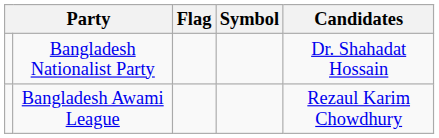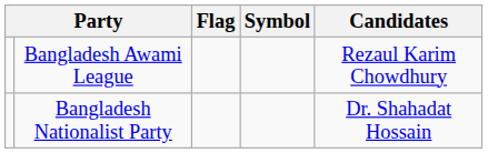 <table class="wikitable" width="60%" style="text-align:center;">
 <tr>
 <th colspan="2">Party</th>
 <th>Flag</th>
 <th>Symbol</th>
 <th>Candidates</th>
 </tr>
 <tr>
 <td></td>
+<td><a href='#'>Bangladesh Awami League</a></td>
+<td></td>
+<td></td>
+<td><a href='#'>Rezaul Karim Chowdhury</a></td>
+</tr>
+<tr>
+<td></td>
 <td><a href='#'>Bangladesh Nationalist Party</a></td>
 <td></td>
 <td></td>
 <td><a href='#'>Dr. Shahadat Hossain</a></td>
 </tr>
-<tr>
-<td></td>
-<td><a href='#'>Bangladesh Awami League</a></td>
-<td></td>
-<td></td>
-<td><a href='#'>Rezaul Karim Chowdhury</a></td>
-</tr>
 </table>
